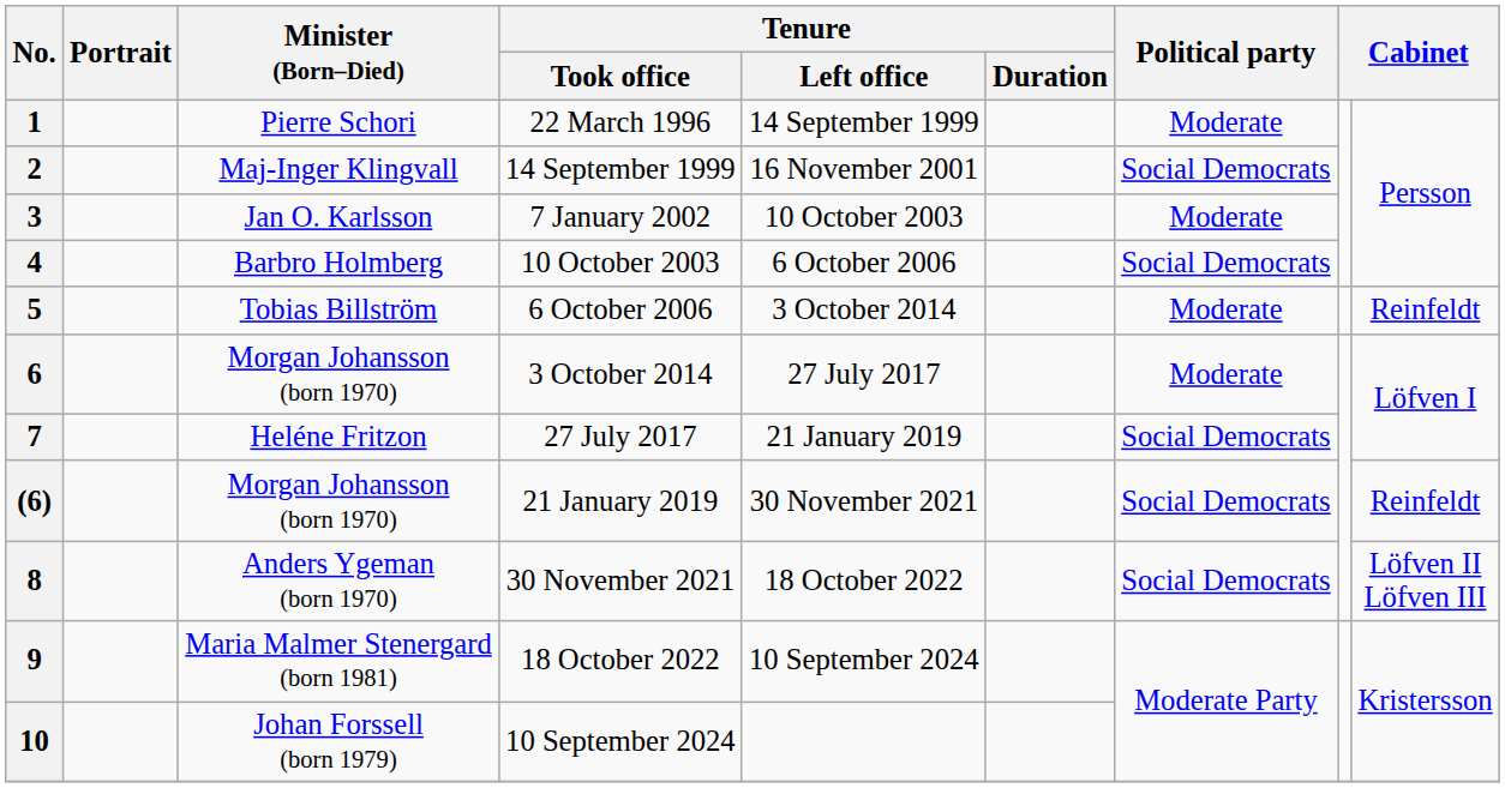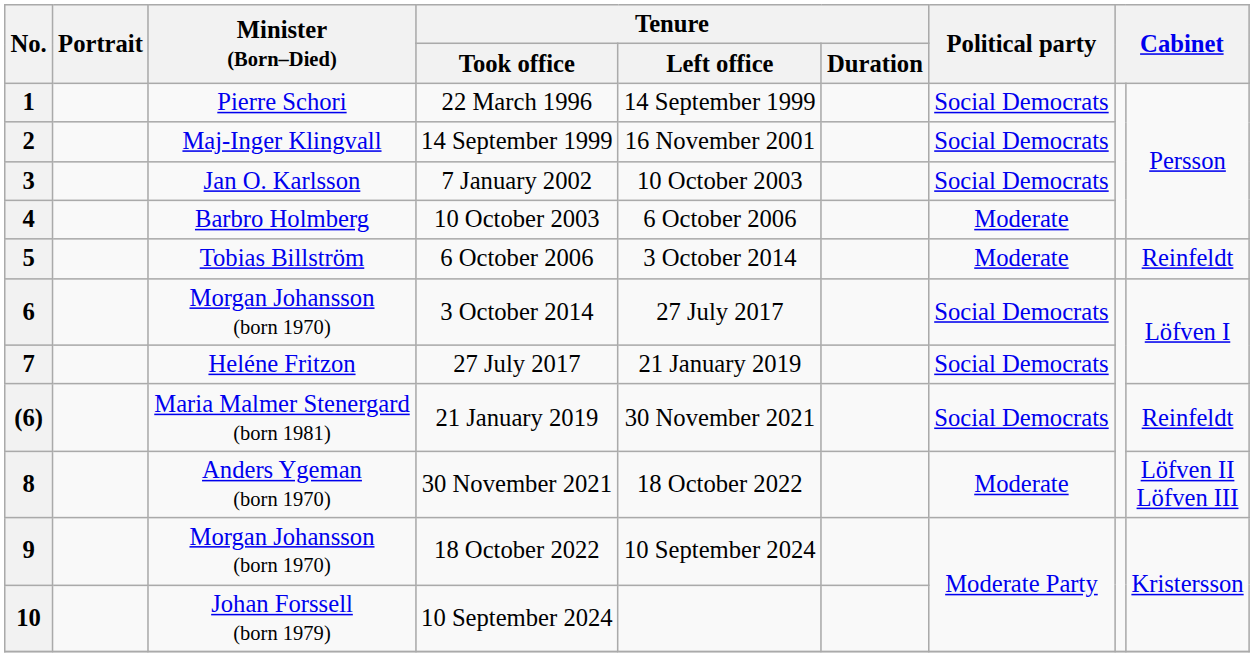 <table class="wikitable" style="text-align: center;">
 <tr>
 <th rowspan="2">No.</th>
 <th rowspan="2">Portrait</th>
 <th rowspan="2">Minister<br><small>(Born–Died)</small></th>
 <th colspan="3">Tenure</th>
 <th rowspan="2">Political party</th>
 <th rowspan="2" colspan="2"><a href='#'>Cabinet</a></th>
 </tr>
 <tr>
 <th>Took office</th>
 <th>Left office</th>
 <th>Duration</th>
 </tr>
 <tr>
 <th style="background: ">1</th>
 <td></td>
 <td><a href='#'>Pierre Schori</a><br></td>
 <td>22 March 1996</td>
 <td>14 September 1999</td>
 <td></td>
-<td><a href='#'>Moderate</a></td>
+<td><a href='#'>Social Democrats</a></td>
 <td rowspan="4" style="background: "></td>
 <td rowspan="4"><a href='#'>Persson</a></td>
 </tr>
 <tr>
 <th style="background: ">2</th>
 <td></td>
 <td><a href='#'>Maj-Inger Klingvall</a> <br></td>
 <td>14 September 1999</td>
 <td>16 November 2001</td>
 <td></td>
 <td><a href='#'>Social Democrats</a></td>
 </tr>
 <tr>
 <th style="background: ">3</th>
 <td></td>
 <td><a href='#'>Jan O. Karlsson</a><br></td>
 <td>7 January 2002</td>
 <td>10 October 2003</td>
 <td></td>
-<td><a href='#'>Moderate</a></td>
+<td><a href='#'>Social Democrats</a></td>
 </tr>
 <tr>
 <th style="background: ">4</th>
 <td></td>
 <td><a href='#'>Barbro Holmberg</a><br></td>
 <td>10 October 2003</td>
 <td>6 October 2006</td>
 <td></td>
-<td><a href='#'>Social Democrats</a></td>
+<td><a href='#'>Moderate</a></td>
 </tr>
 <tr>
 <th style="background: ">5</th>
 <td></td>
 <td><a href='#'>Tobias Billström</a><br></td>
 <td>6 October 2006</td>
 <td>3 October 2014</td>
 <td></td>
 <td><a href='#'>Moderate</a></td>
 <td style="background: "></td>
 <td><a href='#'>Reinfeldt</a></td>
 </tr>
 <tr>
 <th style="background: ">6</th>
 <td></td>
 <td><a href='#'>Morgan Johansson</a><br><small>(born 1970)</small></td>
 <td>3 October 2014</td>
 <td>27 July 2017</td>
 <td></td>
-<td><a href='#'>Moderate</a></td>
+<td><a href='#'>Social Democrats</a></td>
 <td rowspan="4" style="background: "></td>
 <td rowspan="2"><a href='#'>Löfven I</a></td>
 </tr>
 <tr>
 <th style="background: ">7</th>
 <td></td>
 <td><a href='#'>Heléne Fritzon</a><br></td>
 <td>27 July 2017</td>
 <td>21 January 2019</td>
 <td></td>
 <td><a href='#'>Social Democrats</a></td>
 </tr>
 <tr>
 <th style="background: ">(6)</th>
 <td></td>
-<td><a href='#'>Morgan Johansson</a><br><small>(born 1970)</small></td>
+<td><a href='#'>Maria Malmer Stenergard</a><br><small>(born 1981)</small></td>
 <td>21 January 2019</td>
 <td>30 November 2021</td>
 <td></td>
 <td><a href='#'>Social Democrats</a></td>
 <td><a href='#'>Reinfeldt</a></td>
 </tr>
 <tr>
 <th style="background: ">8</th>
 <td></td>
 <td><a href='#'>Anders Ygeman</a><br><small>(born 1970)</small></td>
 <td>30 November 2021</td>
 <td>18 October 2022</td>
 <td></td>
-<td><a href='#'>Social Democrats</a></td>
+<td><a href='#'>Moderate</a></td>
 <td rowspan="1"><a href='#'>Löfven II</a> <br> <a href='#'>Löfven III</a></td>
 </tr>
 <tr>
 <th style="background: ">9</th>
 <td></td>
-<td><a href='#'>Maria Malmer Stenergard</a><br><small>(born 1981)</small></td>
+<td><a href='#'>Morgan Johansson</a><br><small>(born 1970)</small></td>
 <td>18 October 2022</td>
 <td>10 September 2024</td>
 <td></td>
 <td rowspan="2"><a href='#'>Moderate Party</a></td>
 <td rowspan="2" style="background: "></td>
 <td rowspan="2"><a href='#'>Kristersson</a></td>
 </tr>
 <tr>
 <th style="background: ">10</th>
 <td></td>
 <td><a href='#'>Johan Forssell</a><br><small>(born 1979)</small></td>
 <td>10 September 2024</td>
 <td></td>
 <td></td>
 </tr>
 <tr>
 </tr>
 </table>
